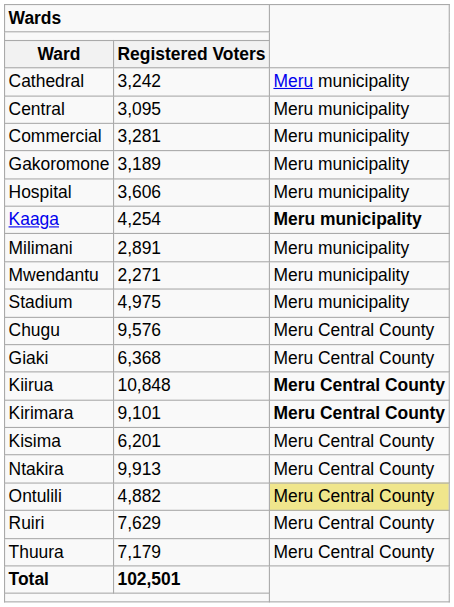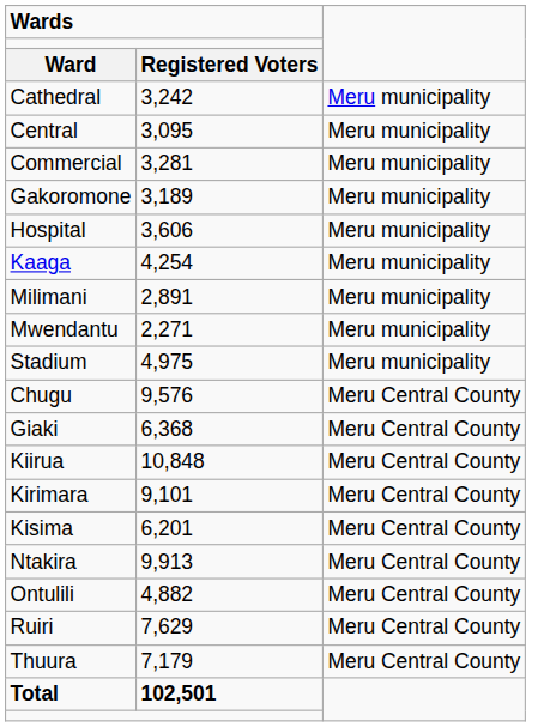 <table class="wikitable">
 <tr>
 <td colspan="2"><strong>Wards</strong></td>
 </tr>
 <tr>
 <td colspan="2"></td>
 </tr>
 <tr>
 <th>Ward</th>
 <th>Registered Voters</th>
 </tr>
 <tr>
 <td>Cathedral</td>
 <td>3,242</td>
 <td><a href='#'>Meru</a> municipality</td>
 </tr>
 <tr>
 <td>Central</td>
 <td>3,095</td>
 <td>Meru municipality</td>
 </tr>
 <tr>
 <td>Commercial</td>
 <td>3,281</td>
 <td>Meru municipality</td>
 </tr>
 <tr>
 <td>Gakoromone</td>
 <td>3,189</td>
 <td>Meru municipality</td>
 </tr>
 <tr>
 <td>Hospital</td>
 <td>3,606</td>
 <td>Meru municipality</td>
 </tr>
 <tr>
 <td><a href='#'>Kaaga</a></td>
 <td>4,254</td>
-<td><strong>Meru municipality</strong></td>
+<td>Meru municipality</td>
 </tr>
 <tr>
 <td>Milimani</td>
 <td>2,891</td>
 <td>Meru municipality</td>
 </tr>
 <tr>
 <td>Mwendantu</td>
 <td>2,271</td>
 <td>Meru municipality</td>
 </tr>
 <tr>
 <td>Stadium</td>
 <td>4,975</td>
 <td>Meru municipality</td>
 </tr>
 <tr>
 <td>Chugu</td>
 <td>9,576</td>
 <td>Meru Central County</td>
 </tr>
 <tr>
 <td>Giaki</td>
 <td>6,368</td>
 <td>Meru Central County</td>
 </tr>
 <tr>
 <td>Kiirua</td>
 <td>10,848</td>
-<td><strong>Meru Central County</strong></td>
+<td>Meru Central County</td>
 </tr>
 <tr>
 <td>Kirimara</td>
 <td>9,101</td>
-<td><strong>Meru Central County</strong></td>
+<td>Meru Central County</td>
 </tr>
 <tr>
 <td>Kisima</td>
 <td>6,201</td>
 <td>Meru Central County</td>
 </tr>
 <tr>
 <td>Ntakira</td>
 <td>9,913</td>
 <td>Meru Central County</td>
 </tr>
 <tr>
 <td>Ontulili</td>
 <td>4,882</td>
-<td style="background: khaki;">Meru Central County</td>
+<td>Meru Central County</td>
 </tr>
 <tr>
 <td>Ruiri</td>
 <td>7,629</td>
 <td>Meru Central County</td>
 </tr>
 <tr>
 <td>Thuura</td>
 <td>7,179</td>
 <td>Meru Central County</td>
 </tr>
 <tr>
 <td><strong>Total</strong></td>
 <td><strong>102,501</strong></td>
 </tr>
 <tr>
 <td colspan="2"></td>
 </tr>
 </table>
